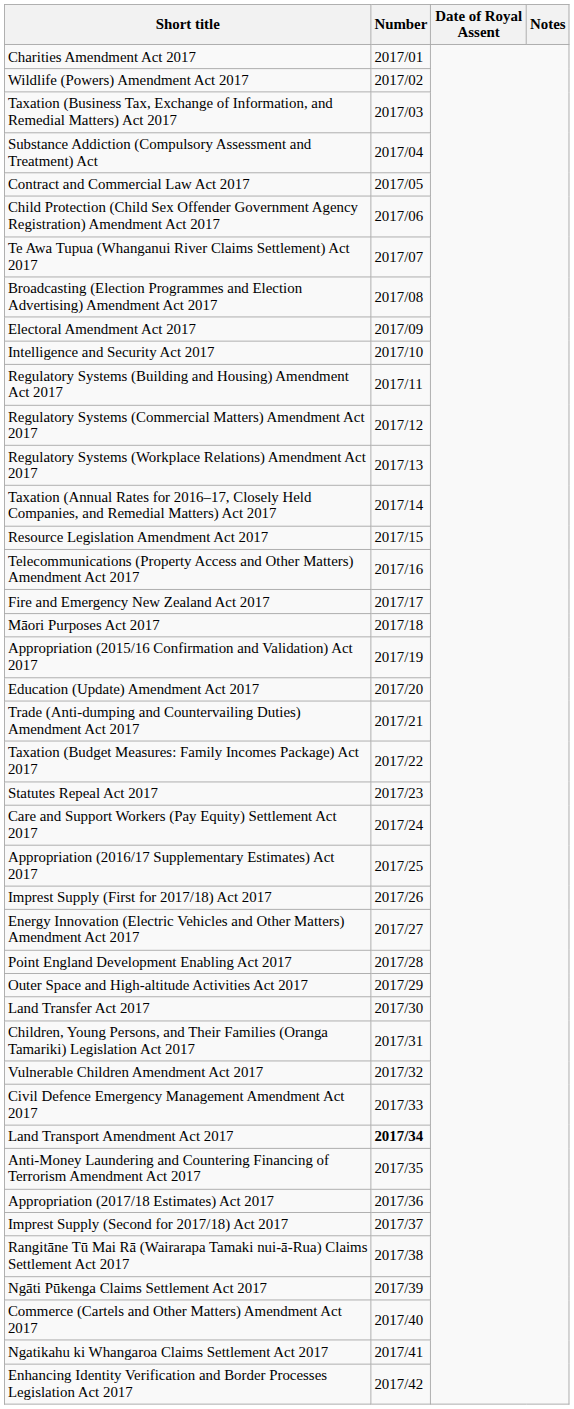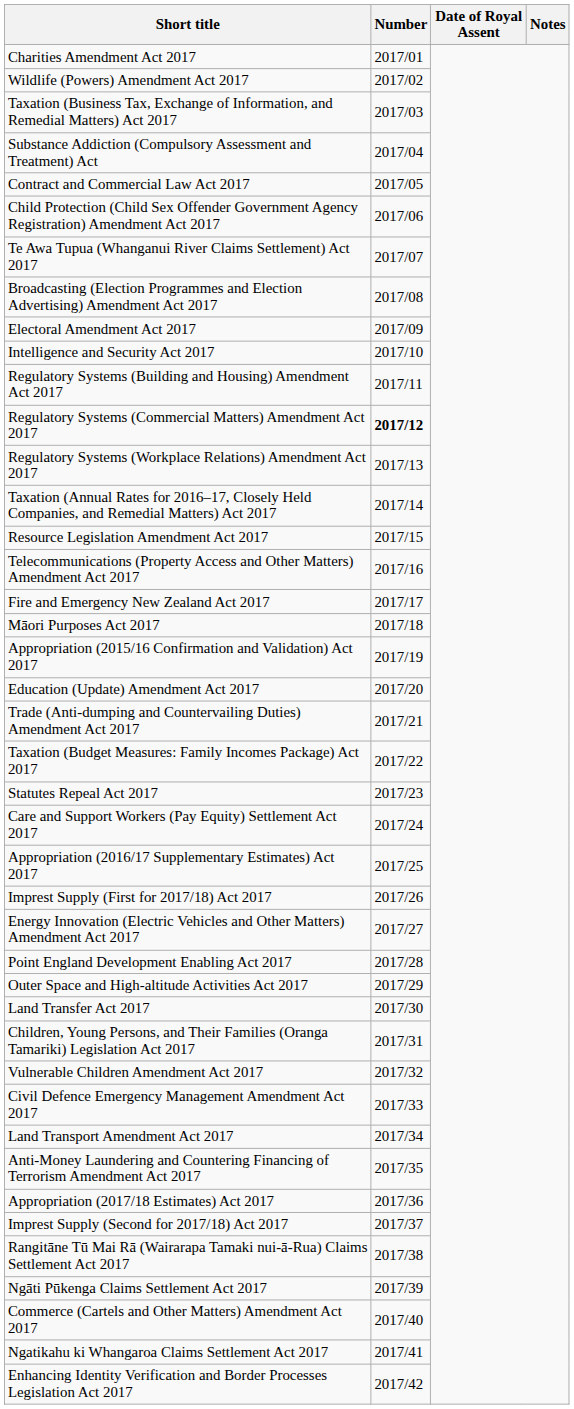 <table class="wikitable sortable">
 <tr>
 <th>Short title</th>
 <th>Number</th>
 <th>Date of Royal Assent</th>
 <th>Notes</th>
 </tr>
 <tr>
 <td>Charities Amendment Act 2017</td>
 <td>2017/01</td>
 </tr>
 <tr>
 <td>Wildlife (Powers) Amendment Act 2017</td>
 <td>2017/02</td>
 </tr>
 <tr>
 <td>Taxation (Business Tax, Exchange of Information, and Remedial Matters) Act 2017</td>
 <td>2017/03</td>
 </tr>
 <tr>
 <td>Substance Addiction (Compulsory Assessment and Treatment) Act</td>
 <td>2017/04</td>
 </tr>
 <tr>
 <td>Contract and Commercial Law Act 2017</td>
 <td>2017/05</td>
 </tr>
 <tr>
 <td>Child Protection (Child Sex Offender Government Agency Registration) Amendment Act 2017</td>
 <td>2017/06</td>
 </tr>
 <tr>
 <td>Te Awa Tupua (Whanganui River Claims Settlement) Act 2017</td>
 <td>2017/07</td>
 </tr>
 <tr>
 <td>Broadcasting (Election Programmes and Election Advertising) Amendment Act 2017</td>
 <td>2017/08</td>
 </tr>
 <tr>
 <td>Electoral Amendment Act 2017</td>
 <td>2017/09</td>
 </tr>
 <tr>
 <td>Intelligence and Security Act 2017</td>
 <td>2017/10</td>
 </tr>
 <tr>
 <td>Regulatory Systems (Building and Housing) Amendment Act 2017</td>
 <td>2017/11</td>
 </tr>
 <tr>
 <td>Regulatory Systems (Commercial Matters) Amendment Act 2017</td>
-<td>2017/12</td>
+<td><strong>2017/12</strong></td>
 </tr>
 <tr>
 <td>Regulatory Systems (Workplace Relations) Amendment Act 2017</td>
 <td>2017/13</td>
 </tr>
 <tr>
 <td>Taxation (Annual Rates for 2016–17, Closely Held Companies, and Remedial Matters) Act 2017</td>
 <td>2017/14</td>
 </tr>
 <tr>
 <td>Resource Legislation Amendment Act 2017</td>
 <td>2017/15</td>
 </tr>
 <tr>
 <td>Telecommunications (Property Access and Other Matters) Amendment Act 2017</td>
 <td>2017/16</td>
 </tr>
 <tr>
 <td>Fire and Emergency New Zealand Act 2017</td>
 <td>2017/17</td>
 </tr>
 <tr>
 <td>Māori Purposes Act 2017</td>
 <td>2017/18</td>
 </tr>
 <tr>
 <td>Appropriation (2015/16 Confirmation and Validation) Act 2017</td>
 <td>2017/19</td>
 </tr>
 <tr>
 <td>Education (Update) Amendment Act 2017</td>
 <td>2017/20</td>
 </tr>
 <tr>
 <td>Trade (Anti-dumping and Countervailing Duties) Amendment Act 2017</td>
 <td>2017/21</td>
 </tr>
 <tr>
 <td>Taxation (Budget Measures: Family Incomes Package) Act 2017</td>
 <td>2017/22</td>
 </tr>
 <tr>
 <td>Statutes Repeal Act 2017</td>
 <td>2017/23</td>
 </tr>
 <tr>
 <td>Care and Support Workers (Pay Equity) Settlement Act 2017</td>
 <td>2017/24</td>
 </tr>
 <tr>
 <td>Appropriation (2016/17 Supplementary Estimates) Act 2017</td>
 <td>2017/25</td>
 </tr>
 <tr>
 <td>Imprest Supply (First for 2017/18) Act 2017</td>
 <td>2017/26</td>
 </tr>
 <tr>
 <td>Energy Innovation (Electric Vehicles and Other Matters) Amendment Act 2017</td>
 <td>2017/27</td>
 </tr>
 <tr>
 <td>Point England Development Enabling Act 2017</td>
 <td>2017/28</td>
 </tr>
 <tr>
 <td>Outer Space and High-altitude Activities Act 2017</td>
 <td>2017/29</td>
 </tr>
 <tr>
 <td>Land Transfer Act 2017</td>
 <td>2017/30</td>
 </tr>
 <tr>
 <td>Children, Young Persons, and Their Families (Oranga Tamariki) Legislation Act 2017</td>
 <td>2017/31</td>
 </tr>
 <tr>
 <td>Vulnerable Children Amendment Act 2017</td>
 <td>2017/32</td>
 </tr>
 <tr>
 <td>Civil Defence Emergency Management Amendment Act 2017</td>
 <td>2017/33</td>
 </tr>
 <tr>
 <td>Land Transport Amendment Act 2017</td>
-<td><strong>2017/34</strong></td>
+<td>2017/34</td>
 </tr>
 <tr>
 <td>Anti-Money Laundering and Countering Financing of Terrorism Amendment Act 2017</td>
 <td>2017/35</td>
 </tr>
 <tr>
 <td>Appropriation (2017/18 Estimates) Act 2017</td>
 <td>2017/36</td>
 </tr>
 <tr>
 <td>Imprest Supply (Second for 2017/18) Act 2017</td>
 <td>2017/37</td>
 </tr>
 <tr>
 <td>Rangitāne Tū Mai Rā (Wairarapa Tamaki nui-ā-Rua) Claims Settlement Act 2017</td>
 <td>2017/38</td>
 </tr>
 <tr>
 <td>Ngāti Pūkenga Claims Settlement Act 2017</td>
 <td>2017/39</td>
 </tr>
 <tr>
 <td>Commerce (Cartels and Other Matters) Amendment Act 2017</td>
 <td>2017/40</td>
 </tr>
 <tr>
 <td>Ngatikahu ki Whangaroa Claims Settlement Act 2017</td>
 <td>2017/41</td>
 </tr>
 <tr>
 <td>Enhancing Identity Verification and Border Processes Legislation Act 2017</td>
 <td>2017/42</td>
 </tr>
 </table>
